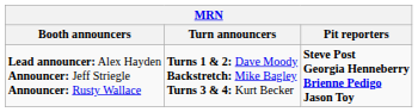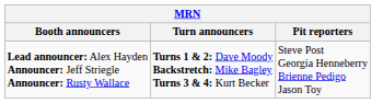 <table class="wikitable" style="font-size: 95%;">
 <tr>
 <th colspan="3"><a href='#'>MRN</a></th>
 </tr>
 <tr>
 <th>Booth announcers</th>
 <th>Turn announcers</th>
 <th>Pit reporters</th>
 </tr>
 <tr>
 <td><strong>Lead announcer:</strong> Alex Hayden<br><strong>Announcer:</strong> Jeff Striegle<br><strong>Announcer:</strong> <a href='#'>Rusty Wallace</a></td>
 <td><strong>Turns 1 & 2:</strong> <a href='#'>Dave Moody</a><br><strong>Backstretch:</strong> <a href='#'>Mike Bagley</a><br><strong>Turns 3 & 4:</strong> Kurt Becker</td>
-<td><strong>Steve Post<br>Georgia Henneberry<br><a href='#'>Brienne Pedigo</a><br>Jason Toy</strong></td>
+<td>Steve Post<br>Georgia Henneberry<br><a href='#'>Brienne Pedigo</a><br>Jason Toy</td>
 </tr>
 </table>
